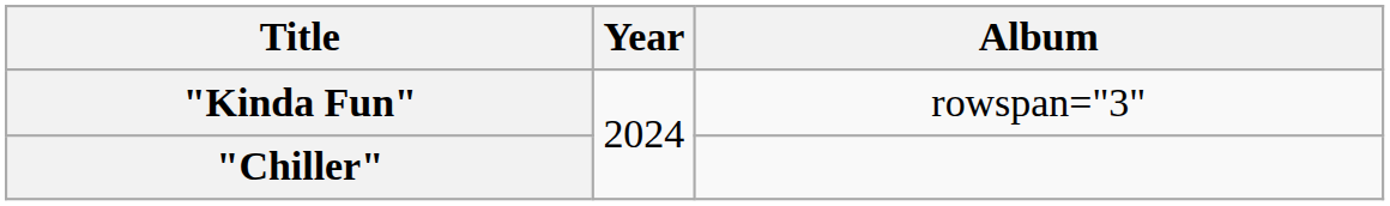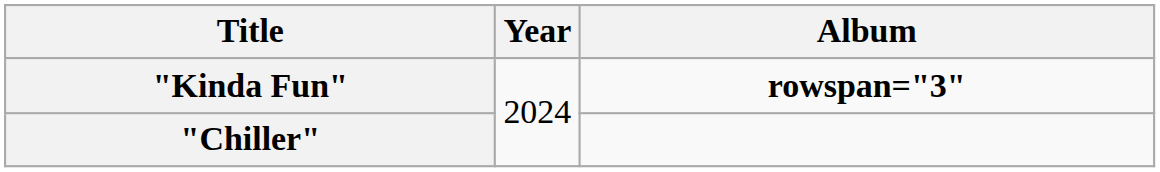 <table class="wikitable plainrowheaders" style="text-align:center;">
 <tr>
 <th scope="col" rowspan="1" style="width:14em;">Title</th>
 <th scope="col" rowspan="1" style="width:1em;">Year</th>
 <th scope="col" rowspan="1" style="width:16.5em;">Album</th>
 </tr>
 <tr>
 <th scope="row">"Kinda Fun"</th>
 <td rowspan=2>2024</td>
-<td>rowspan="3" </td>
+<td><strong>rowspan="3" </strong></td>
 </tr>
 <tr>
 <th scope="row">"Chiller"</th>
 </tr>
 </table>
